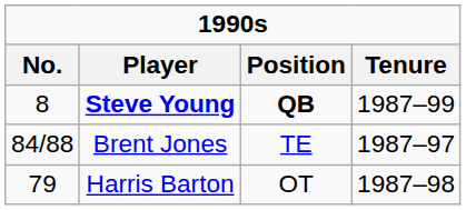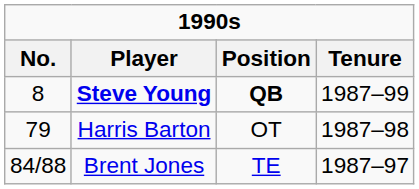 <table class="wikitable" style="text-align:center">
 <tr>
 <td colspan="4"><strong>1990s</strong></td>
 </tr>
 <tr>
 <th>No.</th>
 <th>Player</th>
 <th>Position</th>
 <th>Tenure</th>
 </tr>
 <tr>
 <td>8</td>
 <td><strong><a href='#'>Steve Young</a></strong></td>
 <td><strong>QB</strong></td>
 <td>1987–99</td>
 </tr>
 <tr>
+<td>79</td>
+<td><a href='#'>Harris Barton</a></td>
+<td>OT</td>
+<td>1987–98</td>
+</tr>
+<tr>
 <td>84/88</td>
 <td><a href='#'>Brent Jones</a></td>
 <td><a href='#'>TE</a></td>
 <td>1987–97</td>
 </tr>
-<tr>
-<td>79</td>
-<td><a href='#'>Harris Barton</a></td>
-<td>OT</td>
-<td>1987–98</td>
-</tr>
 </table>
